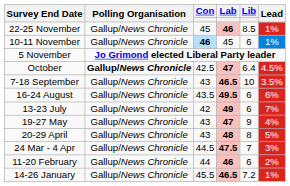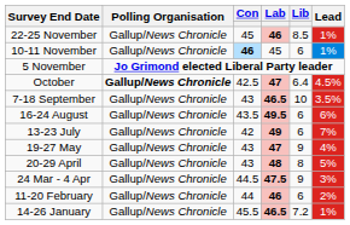 <table class="wikitable" style="text-align: center; line-height: 14px; font-size: 95%;">
 <tr>
 <th rowspan="2">Survey End Date</th>
 <th rowspan="2">Polling Organisation</th>
 <th><a href='#'>Con</a></th>
 <th><a href='#'>Lab</a></th>
 <th><a href='#'>Lib</a></th>
 <th rowspan="2">Lead</th>
 </tr>
 <tr>
 <th style="background:"></th>
 <th style="background:"></th>
 <th style="background:"></th>
 </tr>
 <tr>
 <td>22-25 November</td>
 <td>Gallup/<em>News Chronicle</em></td>
 <td>45</td>
 <td style="background:#F8C1BE"><strong>46</strong></td>
 <td>8.5</td>
 <td style="background:#DC241f; color:white;">1%</td>
 </tr>
 <tr>
 <td>10-11 November</td>
 <td>Gallup/<em>News Chronicle</em></td>
 <td style="background:#B3E0FF"><strong>46</strong></td>
 <td>45</td>
 <td>6</td>
 <td style="background:#0084dd; color:white;">1%</td>
 </tr>
 <tr>
 <td>5 November</td>
 <td colspan="5"><strong><a href='#'>Jo Grimond</a> elected Liberal Party leader</strong></td>
 </tr>
 <tr>
 <td>October</td>
 <td><strong>Gallup/<em>News Chronicle</em></strong></td>
 <td>42.5</td>
 <td style="background:#F8C1BE"><strong>47</strong></td>
 <td>6.4</td>
 <td style="background:#DC241f; color:white;">4.5%</td>
 </tr>
 <tr>
 <td>7-18 September</td>
 <td>Gallup/<em>News Chronicle</em></td>
 <td>43</td>
 <td style="background:#F8C1BE"><strong>46.5</strong></td>
 <td>10</td>
 <td style="background:#DC241f; color:white;">3.5%</td>
 </tr>
 <tr>
 <td>16-24 August</td>
 <td>Gallup/<em>News Chronicle</em></td>
 <td>43.5</td>
 <td style="background:#F8C1BE"><strong>49.5</strong></td>
 <td>6</td>
 <td style="background:#DC241f; color:white;">6%</td>
 </tr>
 <tr>
 <td>13-23 July</td>
 <td>Gallup/<em>News Chronicle</em></td>
 <td>42</td>
 <td style="background:#F8C1BE"><strong>49</strong></td>
 <td>6</td>
 <td style="background:#DC241f; color:white;">7%</td>
 </tr>
 <tr>
 <td>19-27 May</td>
 <td>Gallup/<em>News Chronicle</em></td>
 <td>43</td>
 <td style="background:#F8C1BE"><strong>47</strong></td>
 <td>9</td>
 <td style="background:#DC241f; color:white;">4%</td>
 </tr>
 <tr>
 <td>20-29 April</td>
 <td>Gallup/<em>News Chronicle</em></td>
 <td>43</td>
 <td style="background:#F8C1BE"><strong>48</strong></td>
 <td>8</td>
 <td style="background:#DC241f; color:white;">5%</td>
 </tr>
 <tr>
 <td>24 Mar - 4 Apr</td>
 <td>Gallup/<em>News Chronicle</em></td>
 <td>44.5</td>
 <td style="background:#F8C1BE"><strong>47.5</strong></td>
-<td>7</td>
+<td>9</td>
 <td style="background:#DC241f; color:white;">3%</td>
 </tr>
 <tr>
 <td>11-20 February</td>
 <td>Gallup/<em>News Chronicle</em></td>
 <td>44</td>
 <td style="background:#F8C1BE"><strong>46</strong></td>
 <td>6</td>
 <td style="background:#DC241f; color:white;">2%</td>
 </tr>
 <tr>
 <td>14-26 January</td>
 <td>Gallup/<em>News Chronicle</em></td>
 <td>45.5</td>
 <td style="background:#F8C1BE"><strong>46.5</strong></td>
 <td>7.2</td>
 <td style="background:#DC241f; color:white;">1%</td>
 </tr>
 </table>
